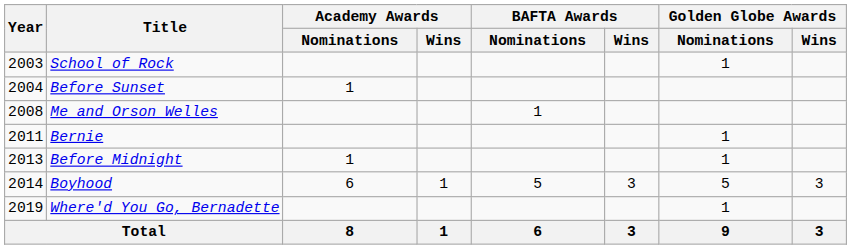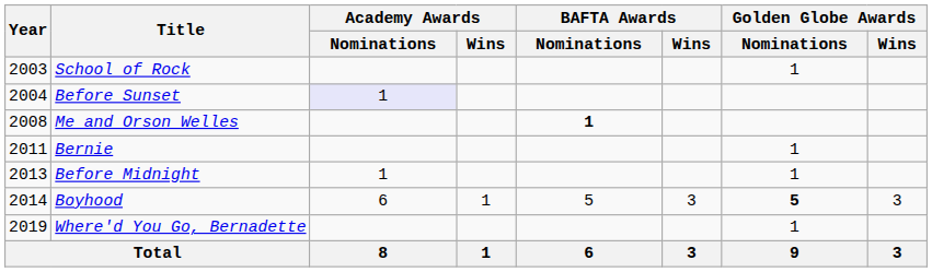 <table class="wikitable sortable">
 <tr>
 <th rowspan="2">Year</th>
 <th rowspan="2">Title</th>
 <th colspan="2" style="text-align:center;" width=160>Academy Awards</th>
 <th colspan="2" style="text-align:center;" width=160>BAFTA Awards</th>
 <th colspan="2" style="text-align:center;" width=160>Golden Globe Awards</th>
 </tr>
 <tr>
 <th>Nominations</th>
 <th>Wins</th>
 <th>Nominations</th>
 <th>Wins</th>
 <th>Nominations</th>
 <th>Wins</th>
 </tr>
 <tr>
 <td>2003</td>
 <td><em><a href='#'>School of Rock</a></em></td>
 <td></td>
 <td></td>
 <td></td>
 <td></td>
 <td align=center>1</td>
 <td></td>
 </tr>
 <tr>
 <td>2004</td>
 <td><em><a href='#'>Before Sunset</a></em></td>
-<td align=center>1</td>
+<td align=center style="background: lavender;">1</td>
 <td></td>
 <td></td>
 <td></td>
 <td></td>
 <td></td>
 </tr>
 <tr>
 <td>2008</td>
 <td><em><a href='#'>Me and Orson Welles</a></em></td>
 <td></td>
 <td></td>
-<td align=center>1</td>
+<td align=center><strong>1</strong></td>
 <td></td>
 <td></td>
 <td></td>
 </tr>
 <tr>
 <td>2011</td>
 <td><em><a href='#'>Bernie</a></em></td>
 <td></td>
 <td></td>
 <td></td>
 <td></td>
 <td align=center>1</td>
 <td></td>
 </tr>
 <tr>
 <td>2013</td>
 <td><em><a href='#'>Before Midnight</a></em></td>
 <td align=center>1</td>
 <td></td>
 <td></td>
 <td></td>
 <td align=center>1</td>
 <td></td>
 </tr>
 <tr>
 <td>2014</td>
 <td><em><a href='#'>Boyhood</a></em></td>
 <td align=center>6</td>
 <td align=center>1</td>
 <td align=center>5</td>
 <td align=center>3</td>
-<td align=center>5</td>
+<td align=center><strong>5</strong></td>
 <td align=center>3</td>
 </tr>
 <tr>
 <td>2019</td>
 <td><em><a href='#'>Where'd You Go, Bernadette</a></em></td>
 <td></td>
 <td></td>
 <td></td>
 <td></td>
 <td align=center>1</td>
 <td></td>
 </tr>
 <tr>
 <th colspan="2">Total</th>
 <th align=center>8</th>
 <th align=center>1</th>
 <th align=center>6</th>
 <th align=center>3</th>
 <th align=center>9</th>
 <th align=center>3</th>
 </tr>
 </table>
